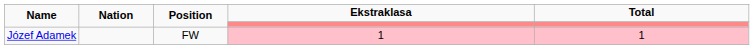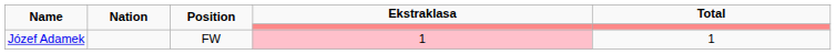 <table class="wikitable" style="font-size: 100%; text-align: center;">
 <tr>
 <td rowspan="2" width="10%" align="center"><strong>Name</strong></td>
 <td rowspan="2" width="10%" align="center"><strong>Nation</strong></td>
 <td rowspan="2" width="10%" align="center"><strong>Position</strong></td>
 <td colspan="1" align="center"><strong>Ekstraklasa</strong></td>
 <td colspan="1" align="center"><strong>Total</strong></td>
 </tr>
 <tr>
 <th width=60 style="background: #FF8888"></th>
 <th width=60 style="background: #FF8888"></th>
 </tr>
 <tr>
 <td><a href='#'>Józef Adamek</a></td>
 <td></td>
 <td>FW</td>
 <td style="background: pink;">1</td>
-<td style="background: pink;">1</td>
+<td>1</td>
 </tr>
 </table>
